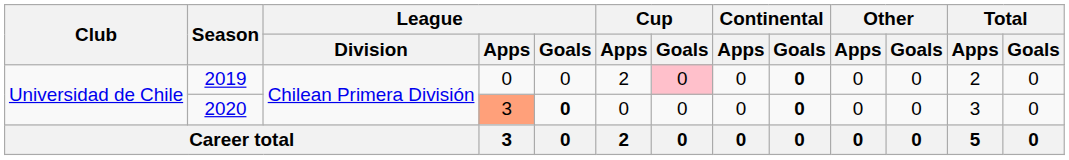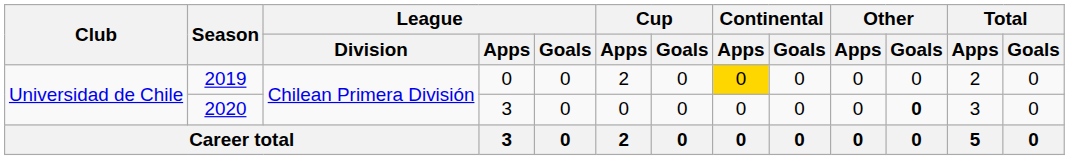 <table class="wikitable" style="text-align: center">
 <tr>
 <th rowspan="2">Club</th>
 <th rowspan="2">Season</th>
 <th colspan="3">League</th>
 <th colspan="2">Cup</th>
 <th colspan="2">Continental</th>
 <th colspan="2">Other</th>
 <th colspan="2">Total</th>
 </tr>
 <tr>
 <th>Division</th>
 <th>Apps</th>
 <th>Goals</th>
 <th>Apps</th>
 <th>Goals</th>
 <th>Apps</th>
 <th>Goals</th>
 <th>Apps</th>
 <th>Goals</th>
 <th>Apps</th>
 <th>Goals</th>
 </tr>
 <tr>
 <td rowspan="2"><a href='#'>Universidad de Chile</a></td>
 <td><a href='#'>2019</a></td>
 <td rowspan="2"><a href='#'>Chilean Primera División</a></td>
 <td>0</td>
 <td>0</td>
 <td>2</td>
-<td style="background: pink;">0</td>
 <td>0</td>
-<td><strong>0</strong></td>
+<td style="background: gold;">0</td>
+<td>0</td>
 <td>0</td>
 <td>0</td>
 <td>2</td>
 <td>0</td>
 </tr>
 <tr>
 <td><a href='#'>2020</a></td>
-<td style="background: lightsalmon;">3</td>
-<td><strong>0</strong></td>
+<td>3</td>
+<td>0</td>
+<td>0</td>
+<td>0</td>
 <td>0</td>
 <td>0</td>
 <td>0</td>
 <td><strong>0</strong></td>
-<td>0</td>
-<td>0</td>
 <td>3</td>
 <td>0</td>
 </tr>
 <tr>
 <th colspan="3"><strong>Career total</strong></th>
 <th>3</th>
 <th>0</th>
 <th>2</th>
 <th>0</th>
 <th>0</th>
 <th>0</th>
 <th>0</th>
 <th>0</th>
 <th>5</th>
 <th>0</th>
 </tr>
 </table>
